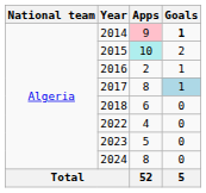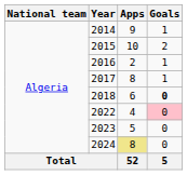 <table class="wikitable" style="text-align:center">
 <tr>
 <th>National team</th>
 <th>Year</th>
 <th>Apps</th>
 <th>Goals</th>
 </tr>
 <tr>
 <td rowspan="8"><a href='#'>Algeria</a></td>
 <td>2014</td>
-<td style="background: pink;">9</td>
-<td><strong>1</strong></td>
+<td>9</td>
+<td>1</td>
 </tr>
 <tr>
 <td>2015</td>
-<td style="background: paleturquoise;">10</td>
+<td>10</td>
 <td>2</td>
 </tr>
 <tr>
 <td>2016</td>
 <td>2</td>
 <td>1</td>
 </tr>
 <tr>
 <td>2017</td>
 <td>8</td>
-<td style="background: lightblue;">1</td>
+<td>1</td>
 </tr>
 <tr>
 <td>2018</td>
 <td>6</td>
-<td>0</td>
+<td><strong>0</strong></td>
 </tr>
 <tr>
 <td>2022</td>
 <td>4</td>
-<td>0</td>
+<td style="background: pink;">0</td>
 </tr>
 <tr>
 <td>2023</td>
 <td>5</td>
 <td>0</td>
 </tr>
 <tr>
 <td>2024</td>
-<td>8</td>
+<td style="background: khaki;">8</td>
 <td>0</td>
 </tr>
 <tr>
 <th colspan="2">Total</th>
 <th>52</th>
 <th>5</th>
 </tr>
 </table>
